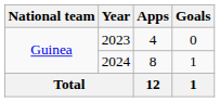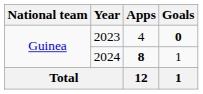 <table class=wikitable style=text-align:center>
 <tr>
 <th>National team</th>
 <th>Year</th>
 <th>Apps</th>
 <th>Goals</th>
 </tr>
 <tr>
 <td rowspan="2"><a href='#'>Guinea</a></td>
 <td>2023</td>
 <td>4</td>
-<td>0</td>
+<td><strong>0</strong></td>
 </tr>
 <tr>
 <td>2024</td>
-<td>8</td>
+<td><strong>8</strong></td>
 <td>1</td>
 </tr>
 <tr>
 <th colspan="2">Total</th>
 <th>12</th>
 <th>1</th>
 </tr>
 </table>
